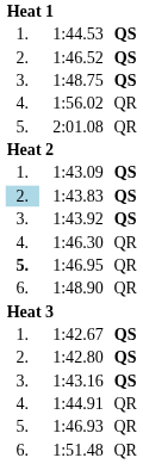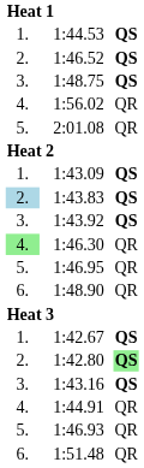 <table style="text-align:center">
 <tr>
 <td colspan=4 align=left><strong>Heat 1</strong></td>
 </tr>
 <tr>
 <td width=30>1.</td>
 <td align=left></td>
 <td width=60>1:44.53</td>
 <td><strong>QS</strong></td>
 </tr>
 <tr>
 <td>2.</td>
 <td align=left></td>
 <td>1:46.52</td>
 <td><strong>QS</strong></td>
 </tr>
 <tr>
 <td>3.</td>
 <td align=left></td>
 <td>1:48.75</td>
 <td><strong>QS</strong></td>
 </tr>
 <tr>
 <td>4.</td>
 <td align=left></td>
 <td>1:56.02</td>
 <td>QR</td>
 </tr>
 <tr>
 <td>5.</td>
 <td align=left></td>
 <td>2:01.08</td>
 <td>QR</td>
 </tr>
 <tr>
 <td colspan=4 align=left><strong>Heat 2</strong></td>
 </tr>
 <tr>
 <td>1.</td>
 <td align=left></td>
 <td>1:43.09</td>
 <td><strong>QS</strong></td>
 </tr>
 <tr>
 <td style="background: lightblue;">2.</td>
 <td align=left></td>
 <td>1:43.83</td>
 <td><strong>QS</strong></td>
 </tr>
 <tr>
 <td>3.</td>
 <td align=left></td>
 <td>1:43.92</td>
 <td><strong>QS</strong></td>
 </tr>
 <tr>
-<td>4.</td>
+<td style="background: lightgreen;">4.</td>
 <td align=left></td>
 <td>1:46.30</td>
 <td>QR</td>
 </tr>
 <tr>
-<td><strong>5.</strong></td>
+<td>5.</td>
 <td align=left></td>
 <td>1:46.95</td>
 <td>QR</td>
 </tr>
 <tr>
 <td>6.</td>
 <td align=left></td>
 <td>1:48.90</td>
 <td>QR</td>
 </tr>
 <tr>
 <td colspan=4 align=left><strong>Heat 3</strong></td>
 </tr>
 <tr>
 <td>1.</td>
 <td align=left></td>
 <td>1:42.67</td>
 <td><strong>QS</strong></td>
 </tr>
 <tr>
 <td>2.</td>
 <td align=left></td>
 <td>1:42.80</td>
-<td><strong>QS</strong></td>
+<td style="background: lightgreen;"><strong>QS</strong></td>
 </tr>
 <tr>
 <td>3.</td>
 <td align=left></td>
 <td>1:43.16</td>
 <td><strong>QS</strong></td>
 </tr>
 <tr>
 <td>4.</td>
 <td align=left></td>
 <td>1:44.91</td>
 <td>QR</td>
 </tr>
 <tr>
 <td>5.</td>
 <td align=left></td>
 <td>1:46.93</td>
 <td>QR</td>
 </tr>
 <tr>
 <td>6.</td>
 <td align=left></td>
 <td>1:51.48</td>
 <td>QR</td>
 </tr>
 </table>
